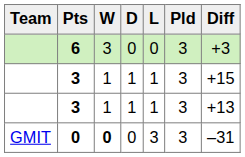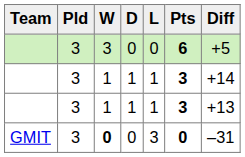 <table style=border-collapse:collapse border=1 cellspacing=0 cellpadding=5>
 <tr align=center bgcolor=#efefef>
 <th>Team</th>
-<th>Pts</th>
+<th>Pld</th>
 <th>W</th>
 <th>D</th>
 <th>L</th>
-<th>Pld</th>
+<th>Pts</th>
 <th>Diff</th>
 </tr>
 <tr align=center style="background:#D0F0C0;">
 <td style="text-align:left;"> </td>
-<td><strong>6</strong></td>
+<td>3</td>
 <td>3</td>
 <td>0</td>
 <td>0</td>
-<td>3</td>
-<td>+3</td>
+<td><strong>6</strong></td>
+<td>+5</td>
 </tr>
 <tr align=center style="background:#FFFFFF;">
 <td style="text-align:left;"> </td>
-<td><strong>3</strong></td>
+<td>3</td>
 <td>1</td>
 <td>1</td>
 <td>1</td>
-<td>3</td>
-<td>+15</td>
+<td><strong>3</strong></td>
+<td>+14</td>
 </tr>
 <tr align=center style="background:#FFFFFF;">
 <td style="text-align:left;"> </td>
-<td><strong>3</strong></td>
+<td>3</td>
 <td>1</td>
 <td>1</td>
 <td>1</td>
-<td>3</td>
+<td><strong>3</strong></td>
 <td>+13</td>
 </tr>
 <tr align=center style="background:#FFFFFF;">
 <td style="text-align:left;"> <a href='#'>GMIT</a></td>
-<td><strong>0</strong></td>
+<td>3</td>
 <td><strong>0</strong></td>
 <td>0</td>
 <td>3</td>
-<td>3</td>
+<td><strong>0</strong></td>
 <td>–31</td>
 </tr>
 </table>
